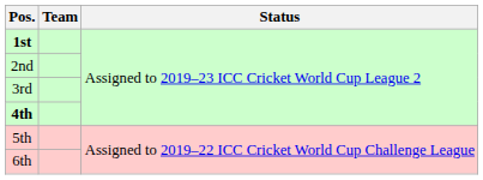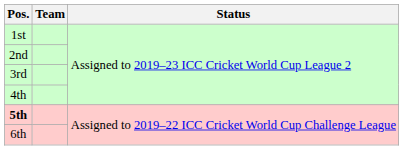 <table class="wikitable">
 <tr>
 <th>Pos.</th>
 <th>Team</th>
 <th>Status</th>
 </tr>
 <tr style="background:#cfc">
-<td align="center"><strong>1st</strong></td>
+<td align="center">1st</td>
 <td></td>
 <td rowspan=4>Assigned to <a href='#'>2019–23 ICC Cricket World Cup League 2</a></td>
 </tr>
 <tr style="background:#cfc">
 <td align="center">2nd</td>
 <td></td>
 </tr>
 <tr style="background:#cfc">
 <td align="center">3rd</td>
 <td></td>
 </tr>
 <tr style="background:#cfc">
-<td align="center"><strong>4th</strong></td>
+<td align="center">4th</td>
 <td></td>
 </tr>
 <tr style="background:#fcc">
-<td align="center">5th</td>
+<td align="center"><strong>5th</strong></td>
 <td></td>
 <td rowspan=2>Assigned to <a href='#'>2019–22 ICC Cricket World Cup Challenge League</a></td>
 </tr>
 <tr style="background:#fcc">
 <td align="center">6th</td>
 <td></td>
 </tr>
 </table>
